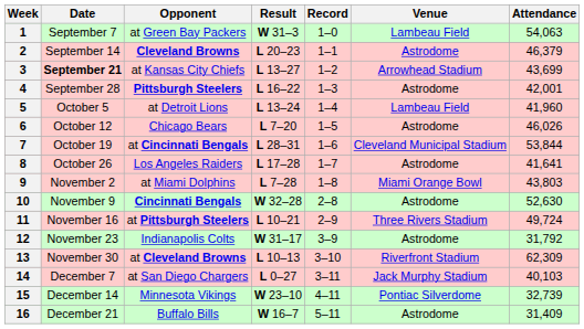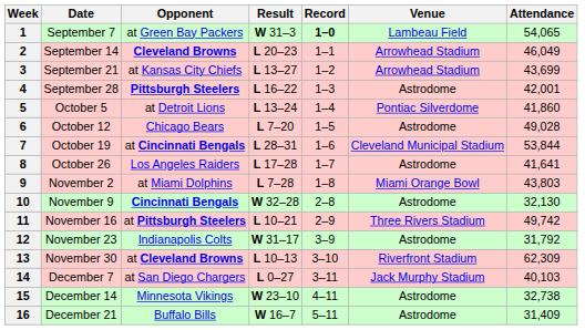 <table class="wikitable" style="text-align:center">
 <tr>
 <th>Week</th>
 <th>Date</th>
 <th>Opponent</th>
 <th>Result</th>
 <th>Record</th>
 <th>Venue</th>
 <th>Attendance</th>
 </tr>
 <tr style="background:#cfc">
 <th>1</th>
 <td>September 7</td>
 <td>at <a href='#'>Green Bay Packers</a></td>
 <td><strong>W</strong> 31–3</td>
-<td>1–0</td>
+<td><strong>1–0</strong></td>
 <td><a href='#'>Lambeau Field</a></td>
-<td>54,063</td>
+<td>54,065</td>
 </tr>
 <tr style="background:#fcc">
 <th>2</th>
 <td>September 14</td>
 <td><strong><a href='#'>Cleveland Browns</a></strong></td>
 <td><strong>L</strong> 20–23</td>
 <td>1–1</td>
-<td><a href='#'>Astrodome</a></td>
-<td>46,379</td>
+<td><a href='#'>Arrowhead Stadium</a></td>
+<td>46,049</td>
 </tr>
 <tr style="background:#fcc">
 <th>3</th>
-<td><strong>September 21</strong></td>
+<td>September 21</td>
 <td>at <a href='#'>Kansas City Chiefs</a></td>
 <td><strong>L</strong> 13–27</td>
 <td>1–2</td>
 <td><a href='#'>Arrowhead Stadium</a></td>
 <td>43,699</td>
 </tr>
 <tr style="background:#fcc">
 <th>4</th>
 <td>September 28</td>
 <td><strong><a href='#'>Pittsburgh Steelers</a></strong></td>
 <td><strong>L</strong> 16–22</td>
 <td>1–3</td>
 <td>Astrodome</td>
 <td>42,001</td>
 </tr>
 <tr style="background:#fcc">
 <th>5</th>
 <td>October 5</td>
 <td>at <a href='#'>Detroit Lions</a></td>
 <td><strong>L</strong> 13–24</td>
 <td>1–4</td>
-<td><a href='#'>Lambeau Field</a></td>
-<td>41,960</td>
+<td><a href='#'>Pontiac Silverdome</a></td>
+<td>41,860</td>
 </tr>
 <tr style="background:#fcc">
 <th>6</th>
 <td>October 12</td>
 <td><a href='#'>Chicago Bears</a></td>
 <td><strong>L</strong> 7–20</td>
 <td>1–5</td>
 <td>Astrodome</td>
-<td>46,026</td>
+<td>49,028</td>
 </tr>
 <tr style="background:#fcc">
 <th>7</th>
 <td>October 19</td>
 <td>at <strong><a href='#'>Cincinnati Bengals</a></strong></td>
 <td><strong>L</strong> 28–31</td>
 <td>1–6</td>
 <td><a href='#'>Cleveland Municipal Stadium</a></td>
 <td>53,844</td>
 </tr>
 <tr style="background:#fcc">
 <th>8</th>
 <td>October 26</td>
 <td><a href='#'>Los Angeles Raiders</a></td>
 <td><strong>L</strong> 17–28</td>
 <td>1–7</td>
 <td>Astrodome</td>
 <td>41,641</td>
 </tr>
 <tr style="background:#fcc">
 <th>9</th>
 <td>November 2</td>
 <td>at <a href='#'>Miami Dolphins</a></td>
 <td><strong>L</strong> 7–28</td>
 <td>1–8</td>
 <td><a href='#'>Miami Orange Bowl</a></td>
 <td>43,803</td>
 </tr>
 <tr style="background:#cfc">
 <th>10</th>
 <td>November 9</td>
 <td><strong><a href='#'>Cincinnati Bengals</a></strong></td>
 <td><strong>W</strong> 32–28</td>
 <td>2–8</td>
 <td>Astrodome</td>
-<td>52,630</td>
+<td>32,130</td>
 </tr>
 <tr style="background:#fcc">
 <th>11</th>
 <td>November 16</td>
 <td>at <strong><a href='#'>Pittsburgh Steelers</a></strong></td>
 <td><strong>L</strong> 10–21</td>
 <td>2–9</td>
 <td><a href='#'>Three Rivers Stadium</a></td>
-<td>49,724</td>
+<td>49,742</td>
 </tr>
 <tr style="background:#cfc">
 <th>12</th>
 <td>November 23</td>
 <td><a href='#'>Indianapolis Colts</a></td>
 <td><strong>W</strong> 31–17</td>
 <td>3–9</td>
 <td>Astrodome</td>
 <td>31,792</td>
 </tr>
 <tr style="background:#fcc">
 <th>13</th>
 <td>November 30</td>
 <td>at <strong><a href='#'>Cleveland Browns</a></strong></td>
 <td><strong>L</strong> 10–13</td>
 <td>3–10</td>
 <td><a href='#'>Riverfront Stadium</a></td>
 <td>62,309</td>
 </tr>
 <tr style="background:#fcc">
 <th>14</th>
 <td>December 7</td>
 <td>at <a href='#'>San Diego Chargers</a></td>
 <td><strong>L</strong> 0–27</td>
 <td>3–11</td>
 <td><a href='#'>Jack Murphy Stadium</a></td>
 <td>40,103</td>
 </tr>
 <tr style="background:#cfc">
 <th>15</th>
 <td>December 14</td>
 <td><a href='#'>Minnesota Vikings</a></td>
 <td><strong>W</strong> 23–10</td>
 <td>4–11</td>
-<td><a href='#'>Pontiac Silverdome</a></td>
-<td>32,739</td>
+<td>Astrodome</td>
+<td>32,738</td>
 </tr>
 <tr style="background:#cfc">
 <th>16</th>
 <td>December 21</td>
 <td><a href='#'>Buffalo Bills</a></td>
 <td><strong>W</strong> 16–7</td>
 <td>5–11</td>
 <td>Astrodome</td>
 <td>31,409</td>
 </tr>
 </table>
